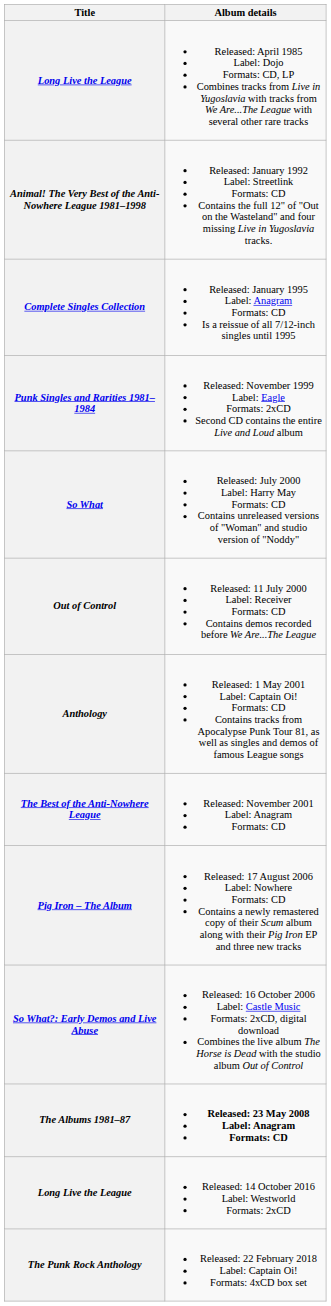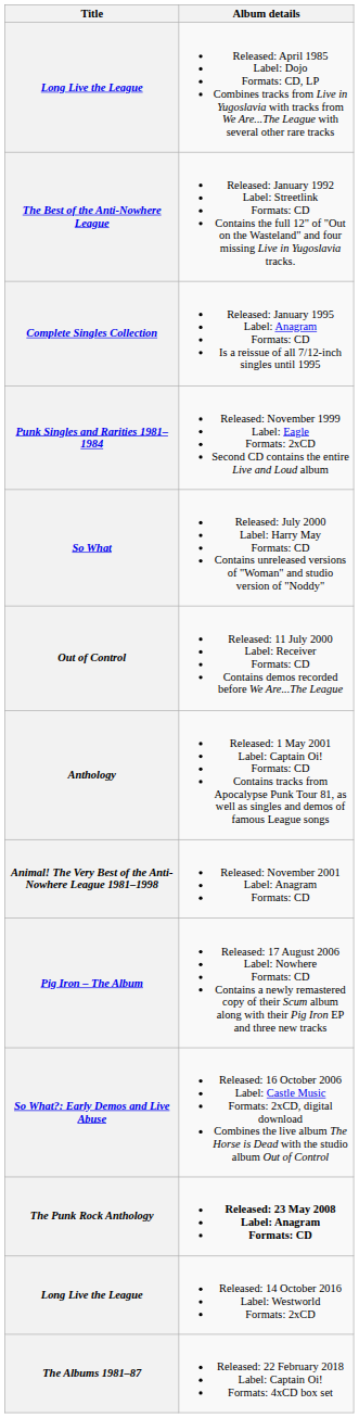 <table class="wikitable plainrowheaders" style="text-align:center;">
 <tr>
 <th scope="col" style="width:15em;">Title</th>
 <th scope="col" style="width:15em;">Album details</th>
 </tr>
 <tr>
 <th scope="row"><em><a href='#'>Long Live the League</a></em></th>
 <td><br><ul><li>Released: April 1985</li><li>Label: Dojo</li><li>Formats: CD, LP</li><li>Combines tracks from <em>Live in Yugoslavia</em> with tracks from <em>We Are...The League</em> with several other rare tracks</li></ul></td>
 </tr>
 <tr>
-<th scope="row"><em>Animal! The Very Best of the Anti-Nowhere League 1981–1998</em></th>
+<th scope="row"><a href='#'><em>The Best of the Anti-Nowhere League</em></a></th>
 <td><br><ul><li>Released: January 1992</li><li>Label: Streetlink</li><li>Formats: CD</li><li>Contains the full 12" of "Out on the Wasteland" and four missing <em>Live in Yugoslavia</em> tracks.</li></ul></td>
 </tr>
 <tr>
 <th scope="row"><em><a href='#'>Complete Singles Collection</a></em></th>
 <td><br><ul><li>Released: January 1995</li><li>Label: <a href='#'>Anagram</a></li><li>Formats: CD</li><li>Is a reissue of all 7/12-inch singles until 1995</li></ul></td>
 </tr>
 <tr>
 <th scope="row"><em><a href='#'>Punk Singles and Rarities 1981–1984</a></em></th>
 <td><br><ul><li>Released: November 1999</li><li>Label: <a href='#'>Eagle</a></li><li>Formats: 2xCD</li><li>Second CD contains the entire <em>Live and Loud</em> album</li></ul></td>
 </tr>
 <tr>
 <th scope="row"><em><a href='#'>So What</a></em></th>
 <td><br><ul><li>Released: July 2000</li><li>Label: Harry May</li><li>Formats: CD</li><li>Contains unreleased versions of "Woman" and studio version of "Noddy"</li></ul></td>
 </tr>
 <tr>
 <th scope="row"><em>Out of Control</em></th>
 <td><br><ul><li>Released: 11 July 2000</li><li>Label: Receiver</li><li>Formats: CD</li><li>Contains demos recorded before <em>We Are...The League</em></li></ul></td>
 </tr>
 <tr>
 <th scope="row"><em>Anthology</em></th>
 <td><br><ul><li>Released: 1 May 2001</li><li>Label: Captain Oi!</li><li>Formats: CD</li><li>Contains tracks from Apocalypse Punk Tour 81, as well as singles and demos of famous League songs</li></ul></td>
 </tr>
 <tr>
-<th scope="row"><a href='#'><em>The Best of the Anti-Nowhere League</em></a></th>
+<th scope="row"><em>Animal! The Very Best of the Anti-Nowhere League 1981–1998</em></th>
 <td><br><ul><li>Released: November 2001</li><li>Label: Anagram</li><li>Formats: CD</li></ul></td>
 </tr>
 <tr>
 <th scope="row"><em><a href='#'>Pig Iron – The Album</a></em></th>
 <td><br><ul><li>Released: 17 August 2006</li><li>Label: Nowhere</li><li>Formats: CD</li><li>Contains a newly remastered copy of their <em>Scum</em> album along with their <em>Pig Iron</em> EP and three new tracks</li></ul></td>
 </tr>
 <tr>
 <th scope="row"><em><a href='#'>So What?: Early Demos and Live Abuse</a></em></th>
 <td><br><ul><li>Released: 16 October 2006</li><li>Label: <a href='#'>Castle Music</a></li><li>Formats: 2xCD, digital download</li><li>Combines the live album <em>The Horse is Dead</em> with the studio album <em>Out of Control</em></li></ul></td>
 </tr>
 <tr>
-<th scope="row"><em>The Albums 1981–87</em></th>
+<th scope="row"><em>The Punk Rock Anthology</em></th>
 <td><strong><br><ul><li>Released: 23 May 2008</li><li>Label: Anagram</li><li>Formats: CD</li></ul></strong></td>
 </tr>
 <tr>
 <th scope="row"><em>Long Live the League</em></th>
 <td><br><ul><li>Released: 14 October 2016</li><li>Label: Westworld</li><li>Formats: 2xCD</li></ul></td>
 </tr>
 <tr>
-<th scope="row"><em>The Punk Rock Anthology</em></th>
+<th scope="row"><em>The Albums 1981–87</em></th>
 <td><br><ul><li>Released: 22 February 2018</li><li>Label: Captain Oi!</li><li>Formats: 4xCD box set</li></ul></td>
 </tr>
 </table>
